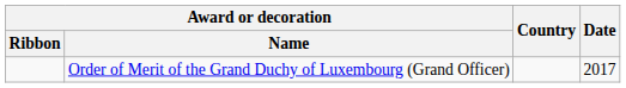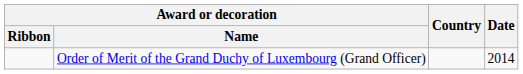 <table class="wikitable" style="text-align:left;">
 <tr>
 <th colspan=2>Award or decoration</th>
 <th rowspan=2>Country</th>
 <th rowspan=2>Date</th>
 </tr>
 <tr>
 <th>Ribbon</th>
 <th>Name</th>
 </tr>
 <tr>
 <td></td>
 <td><a href='#'>Order of Merit of the Grand Duchy of Luxembourg</a> (Grand Officer)</td>
 <td></td>
-<td>2017</td>
+<td>2014</td>
 </tr>
 </table>
